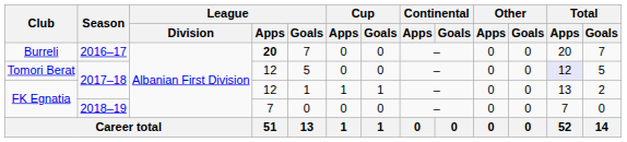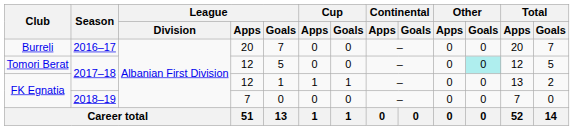 <table class="wikitable" style="text-align: center">
 <tr>
 <th rowspan="2">Club</th>
 <th rowspan="2">Season</th>
 <th colspan="3">League</th>
 <th colspan="2">Cup</th>
 <th colspan="2">Continental</th>
 <th colspan="2">Other</th>
 <th colspan="2">Total</th>
 </tr>
 <tr>
 <th>Division</th>
 <th>Apps</th>
 <th>Goals</th>
 <th>Apps</th>
 <th>Goals</th>
 <th>Apps</th>
 <th>Goals</th>
 <th>Apps</th>
 <th>Goals</th>
 <th>Apps</th>
 <th>Goals</th>
 </tr>
 <tr>
 <td><a href='#'>Burreli</a></td>
 <td><a href='#'>2016–17</a></td>
 <td rowspan="4"><a href='#'>Albanian First Division</a></td>
-<td><strong>20</strong></td>
+<td>20</td>
 <td>7</td>
 <td>0</td>
 <td>0</td>
 <td colspan="2">–</td>
 <td>0</td>
 <td>0</td>
 <td>20</td>
 <td>7</td>
 </tr>
 <tr>
 <td><a href='#'>Tomori Berat</a></td>
 <td rowspan="2"><a href='#'>2017–18</a></td>
 <td>12</td>
 <td>5</td>
 <td>0</td>
 <td>0</td>
 <td colspan="2">–</td>
 <td>0</td>
-<td>0</td>
-<td style="background: lavender;">12</td>
+<td style="background: paleturquoise;">0</td>
+<td>12</td>
 <td>5</td>
 </tr>
 <tr>
 <td rowspan="2"><a href='#'>FK Egnatia</a></td>
 <td>12</td>
 <td>1</td>
 <td>1</td>
 <td>1</td>
 <td colspan="2">–</td>
 <td>0</td>
 <td>0</td>
 <td>13</td>
 <td>2</td>
 </tr>
 <tr>
 <td><a href='#'>2018–19</a></td>
 <td>7</td>
 <td>0</td>
 <td>0</td>
 <td>0</td>
 <td colspan="2">–</td>
 <td>0</td>
 <td>0</td>
 <td>7</td>
 <td>0</td>
 </tr>
 <tr>
 <th colspan="3"><strong>Career total</strong></th>
 <th>51</th>
 <th>13</th>
 <th>1</th>
 <th>1</th>
 <th>0</th>
 <th>0</th>
 <th>0</th>
 <th>0</th>
 <th>52</th>
 <th>14</th>
 </tr>
 </table>
